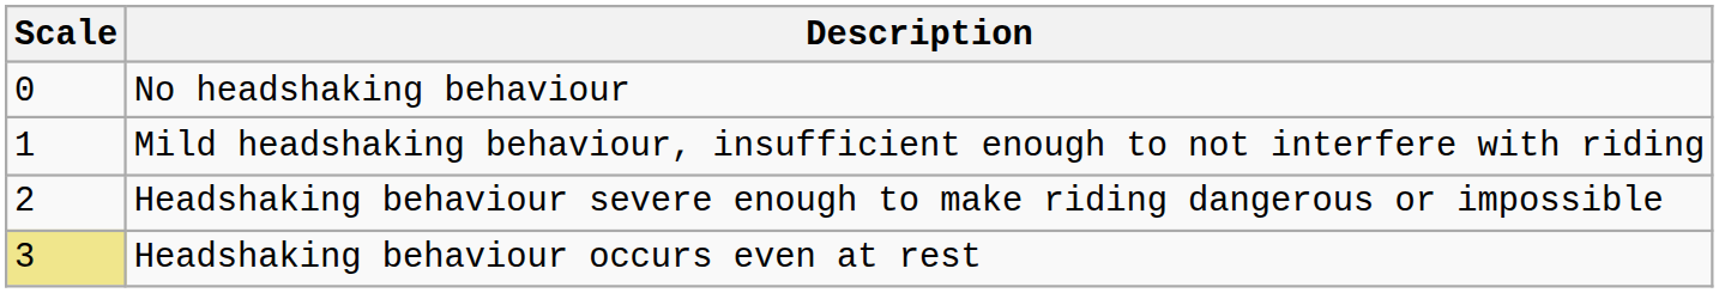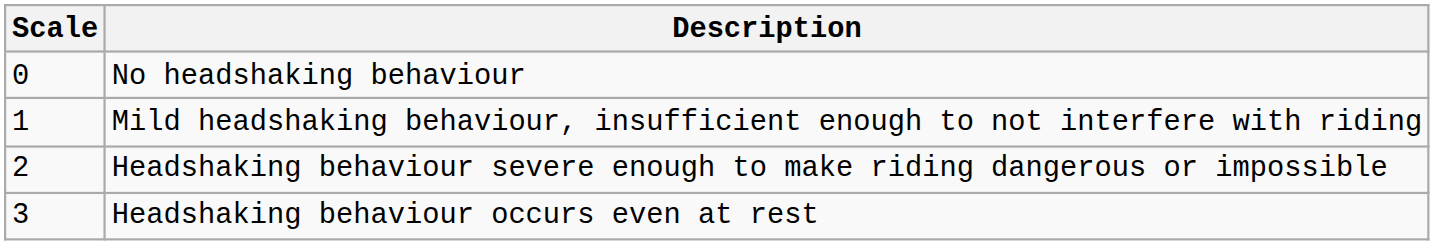 <table class="wikitable">
 <tr>
 <th>Scale</th>
 <th>Description</th>
 </tr>
 <tr>
 <td>0</td>
 <td>No headshaking behaviour</td>
 </tr>
 <tr>
 <td>1</td>
 <td>Mild headshaking behaviour, insufficient enough to not interfere with riding</td>
 </tr>
 <tr>
 <td>2</td>
 <td>Headshaking behaviour severe enough to make riding dangerous or impossible</td>
 </tr>
 <tr>
-<td style="background: khaki;">3</td>
+<td>3</td>
 <td>Headshaking behaviour occurs even at rest</td>
 </tr>
 </table>
